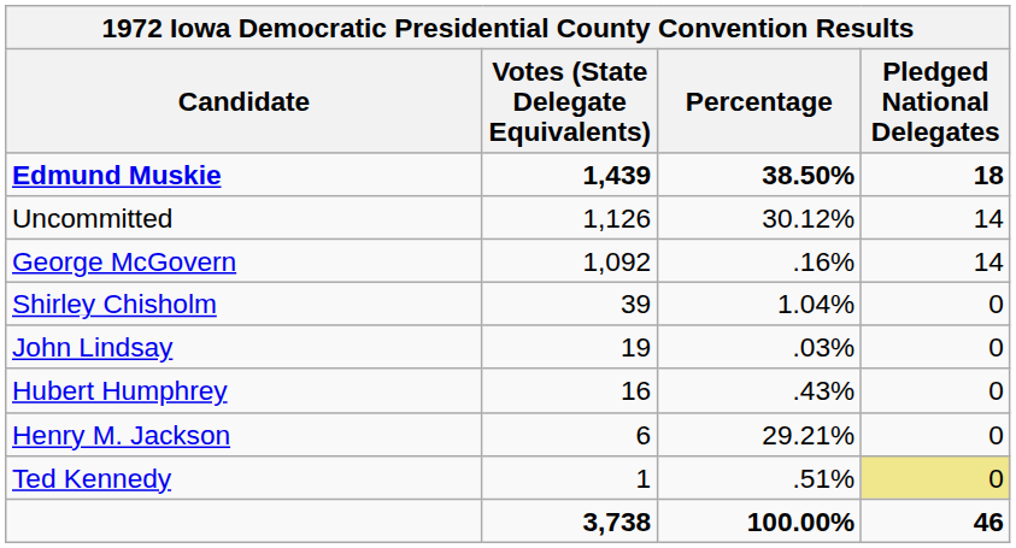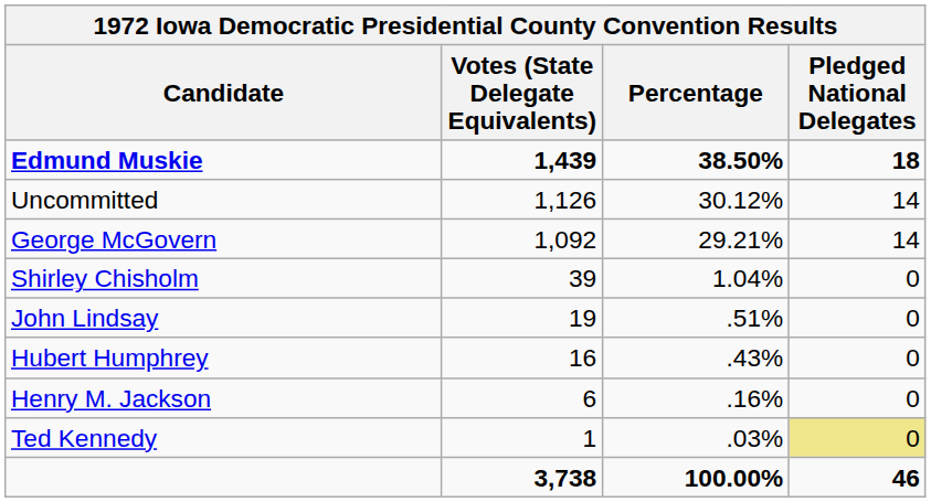 <table class="wikitable" style="font-size:95%;">
 <tr>
 <th colspan="7">1972 Iowa Democratic Presidential County Convention Results</th>
 </tr>
 <tr>
 <th style="width: 17em">Candidate</th>
 <th style="width: 5em">Votes (State Delegate Equivalents)</th>
 <th style="width: 7em">Percentage</th>
 <th style="width: 5em">Pledged National Delegates<br></th>
 </tr>
 <tr>
 <td><strong><a href='#'>Edmund Muskie</a></strong></td>
 <td align="right"><strong>1,439</strong></td>
 <td align="right"><strong>38.50%</strong></td>
 <td align="right"><strong>18</strong></td>
 </tr>
 <tr>
 <td>Uncommitted</td>
 <td align="right">1,126</td>
 <td align="right">30.12%</td>
 <td align="right">14</td>
 </tr>
 <tr>
 <td><a href='#'>George McGovern</a></td>
 <td align="right">1,092</td>
-<td align="right">.16%</td>
+<td align="right">29.21%</td>
 <td align="right">14</td>
 </tr>
 <tr>
 <td><a href='#'>Shirley Chisholm</a></td>
 <td align="right">39</td>
 <td align="right">1.04%</td>
 <td align="right">0</td>
 </tr>
 <tr>
 <td><a href='#'>John Lindsay</a></td>
 <td align="right">19</td>
-<td align="right">.03%</td>
+<td align="right">.51%</td>
 <td align="right">0</td>
 </tr>
 <tr>
 <td><a href='#'>Hubert Humphrey</a></td>
 <td align="right">16</td>
 <td align="right">.43%</td>
 <td align="right">0</td>
 </tr>
 <tr>
 <td><a href='#'>Henry M. Jackson</a></td>
 <td align="right">6</td>
-<td align="right">29.21%</td>
+<td align="right">.16%</td>
 <td align="right">0</td>
 </tr>
 <tr>
 <td><a href='#'>Ted Kennedy</a></td>
 <td align="right">1</td>
-<td align="right">.51%</td>
+<td align="right">.03%</td>
 <td align="right" style="background: khaki;">0</td>
 </tr>
 <tr>
 <td></td>
 <td align="right"><strong>3,738</strong></td>
 <td align="right"><strong>100.00%</strong></td>
 <td align="right"><strong>46</strong></td>
 </tr>
 </table>
